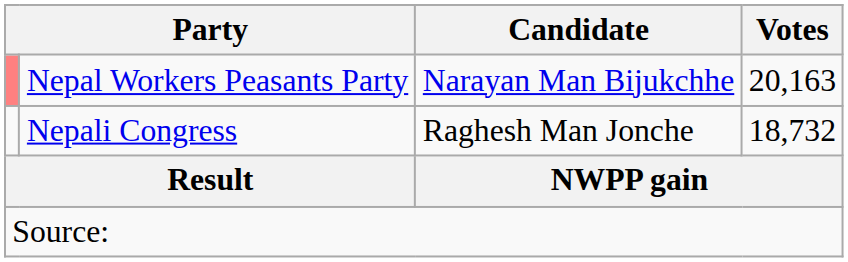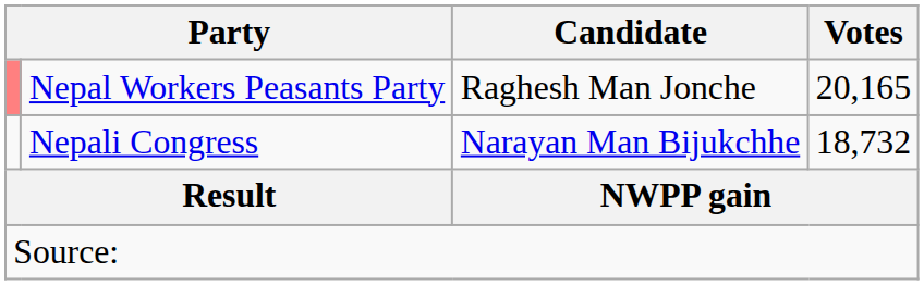 <table class="wikitable">
 <tr>
 <th colspan="2">Party</th>
 <th>Candidate</th>
 <th>Votes</th>
 </tr>
 <tr>
 <td style="background-color:#FF8080"></td>
 <td><a href='#'>Nepal Workers Peasants Party</a></td>
-<td><a href='#'>Narayan Man Bijukchhe</a></td>
-<td>20,163</td>
+<td>Raghesh Man Jonche</td>
+<td>20,165</td>
 </tr>
 <tr>
 <td style="background-color:"></td>
 <td><a href='#'>Nepali Congress</a></td>
-<td>Raghesh Man Jonche</td>
+<td><a href='#'>Narayan Man Bijukchhe</a></td>
 <td>18,732</td>
 </tr>
 <tr>
 <th colspan="2">Result</th>
 <th colspan="2">NWPP gain</th>
 </tr>
 <tr>
 <td colspan="4">Source: </td>
 </tr>
 </table>
